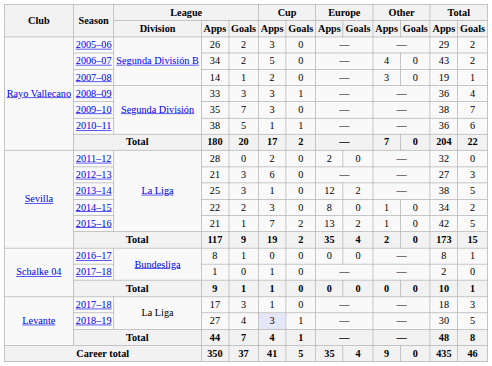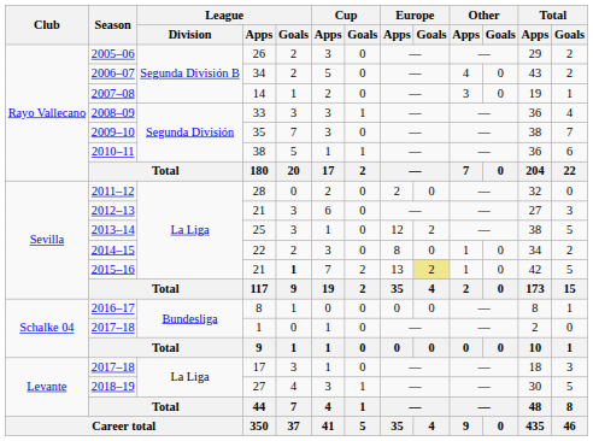 <table class="wikitable" style="text-align:center">
 <tr>
 <th rowspan="2">Club</th>
 <th rowspan="2">Season</th>
 <th colspan="3">League</th>
 <th colspan="2">Cup</th>
 <th colspan="2">Europe</th>
 <th colspan="2">Other</th>
 <th colspan="2">Total</th>
 </tr>
 <tr>
 <th>Division</th>
 <th>Apps</th>
 <th>Goals</th>
 <th>Apps</th>
 <th>Goals</th>
 <th>Apps</th>
 <th>Goals</th>
 <th>Apps</th>
 <th>Goals</th>
 <th>Apps</th>
 <th>Goals</th>
 </tr>
 <tr>
 <td rowspan="7"><a href='#'>Rayo Vallecano</a></td>
 <td><a href='#'>2005–06</a></td>
 <td rowspan="3"><a href='#'>Segunda División B</a></td>
 <td>26</td>
 <td>2</td>
 <td>3</td>
 <td>0</td>
 <td colspan="2">—</td>
 <td colspan="2">—</td>
 <td>29</td>
 <td>2</td>
 </tr>
 <tr>
 <td><a href='#'>2006–07</a></td>
 <td>34</td>
 <td>2</td>
 <td>5</td>
 <td>0</td>
 <td colspan="2">—</td>
 <td>4</td>
 <td>0</td>
 <td>43</td>
 <td>2</td>
 </tr>
 <tr>
 <td><a href='#'>2007–08</a></td>
 <td>14</td>
 <td>1</td>
 <td>2</td>
 <td>0</td>
 <td colspan="2">—</td>
 <td>3</td>
 <td>0</td>
 <td>19</td>
 <td>1</td>
 </tr>
 <tr>
 <td><a href='#'>2008–09</a></td>
 <td rowspan="3"><a href='#'>Segunda División</a></td>
 <td>33</td>
 <td>3</td>
 <td>3</td>
 <td>1</td>
 <td colspan="2">—</td>
 <td colspan="2">—</td>
 <td>36</td>
 <td>4</td>
 </tr>
 <tr>
 <td><a href='#'>2009–10</a></td>
 <td>35</td>
 <td>7</td>
 <td>3</td>
 <td>0</td>
 <td colspan="2">—</td>
 <td colspan="2">—</td>
 <td>38</td>
 <td>7</td>
 </tr>
 <tr>
 <td><a href='#'>2010–11</a></td>
 <td>38</td>
 <td>5</td>
 <td>1</td>
 <td>1</td>
 <td colspan="2">—</td>
 <td colspan="2">—</td>
 <td>36</td>
 <td>6</td>
 </tr>
 <tr>
 <th colspan="2">Total</th>
 <th>180</th>
 <th>20</th>
 <th>17</th>
 <th>2</th>
 <th colspan="2">—</th>
 <th>7</th>
 <th>0</th>
 <th>204</th>
 <th>22</th>
 </tr>
 <tr>
 <td rowspan="6"><a href='#'>Sevilla</a></td>
 <td><a href='#'>2011–12</a></td>
 <td rowspan=5><a href='#'>La Liga</a></td>
 <td>28</td>
 <td>0</td>
 <td>2</td>
 <td>0</td>
 <td>2</td>
 <td>0</td>
 <td colspan="2">—</td>
 <td>32</td>
 <td>0</td>
 </tr>
 <tr>
 <td><a href='#'>2012–13</a></td>
 <td>21</td>
 <td>3</td>
 <td>6</td>
 <td>0</td>
 <td colspan="2">—</td>
 <td colspan="2">—</td>
 <td>27</td>
 <td>3</td>
 </tr>
 <tr>
 <td><a href='#'>2013–14</a></td>
 <td>25</td>
 <td>3</td>
 <td>1</td>
 <td>0</td>
 <td>12</td>
 <td>2</td>
 <td colspan="2">—</td>
 <td>38</td>
 <td>5</td>
 </tr>
 <tr>
 <td><a href='#'>2014–15</a></td>
 <td>22</td>
 <td>2</td>
 <td>3</td>
 <td>0</td>
 <td>8</td>
 <td>0</td>
 <td>1</td>
 <td>0</td>
 <td>34</td>
 <td>2</td>
 </tr>
 <tr>
 <td><a href='#'>2015–16</a></td>
 <td>21</td>
-<td>1</td>
+<td><strong>1</strong></td>
 <td>7</td>
 <td>2</td>
 <td>13</td>
-<td>2</td>
+<td style="background: khaki;">2</td>
 <td>1</td>
 <td>0</td>
 <td>42</td>
 <td>5</td>
 </tr>
 <tr>
 <th colspan="2">Total</th>
 <th>117</th>
 <th>9</th>
 <th>19</th>
 <th>2</th>
 <th>35</th>
 <th>4</th>
 <th>2</th>
 <th>0</th>
 <th>173</th>
 <th>15</th>
 </tr>
 <tr>
 <td rowspan="3"><a href='#'>Schalke 04</a></td>
 <td><a href='#'>2016–17</a></td>
 <td rowspan="2"><a href='#'>Bundesliga</a></td>
 <td>8</td>
 <td>1</td>
 <td>0</td>
 <td>0</td>
 <td>0</td>
 <td>0</td>
 <td colspan="2">—</td>
 <td>8</td>
 <td>1</td>
 </tr>
 <tr>
 <td><a href='#'>2017–18</a></td>
 <td>1</td>
 <td>0</td>
 <td>1</td>
 <td>0</td>
 <td colspan="2">—</td>
 <td colspan="2">—</td>
 <td>2</td>
 <td>0</td>
 </tr>
 <tr>
 <th colspan="2">Total</th>
 <th>9</th>
 <th>1</th>
 <th>1</th>
 <th>0</th>
 <th>0</th>
 <th>0</th>
 <th>0</th>
 <th>0</th>
 <th>10</th>
 <th>1</th>
 </tr>
 <tr>
 <td rowspan="3"><a href='#'>Levante</a></td>
 <td><a href='#'>2017–18</a></td>
 <td rowspan=2>La Liga</td>
 <td>17</td>
 <td>3</td>
 <td>1</td>
 <td>0</td>
 <td colspan="2">—</td>
 <td colspan="2">—</td>
 <td>18</td>
 <td>3</td>
 </tr>
 <tr>
 <td><a href='#'>2018–19</a></td>
 <td>27</td>
 <td>4</td>
-<td style="background: lavender;">3</td>
+<td>3</td>
 <td>1</td>
 <td colspan="2">—</td>
 <td colspan="2">—</td>
 <td>30</td>
 <td>5</td>
 </tr>
 <tr>
 <th colspan="2">Total</th>
 <th>44</th>
 <th>7</th>
 <th>4</th>
 <th>1</th>
 <th colspan="2">—</th>
 <th colspan="2">—</th>
 <th>48</th>
 <th>8</th>
 </tr>
 <tr>
 <th colspan="3">Career total</th>
 <th>350</th>
 <th>37</th>
 <th>41</th>
 <th>5</th>
 <th>35</th>
 <th>4</th>
 <th>9</th>
 <th>0</th>
 <th>435</th>
 <th>46</th>
 </tr>
 </table>
